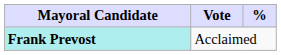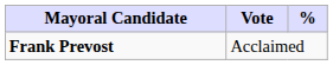 <table class="wikitable">
 <tr>
 <th style="background:#ddf; width:200px;">Mayoral Candidate</th>
 <th style="background:#ddf; width:50px;">Vote</th>
 <th style="background:#ddf; width:30px;">%</th>
 </tr>
 <tr>
-<td style="background: paleturquoise;"><strong>Frank Prevost</strong></td>
+<td><strong>Frank Prevost</strong></td>
 <td colspan="2">Acclaimed</td>
 </tr>
 </table>
